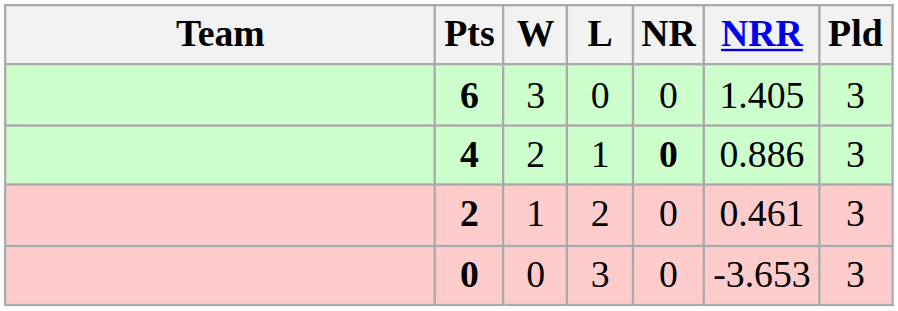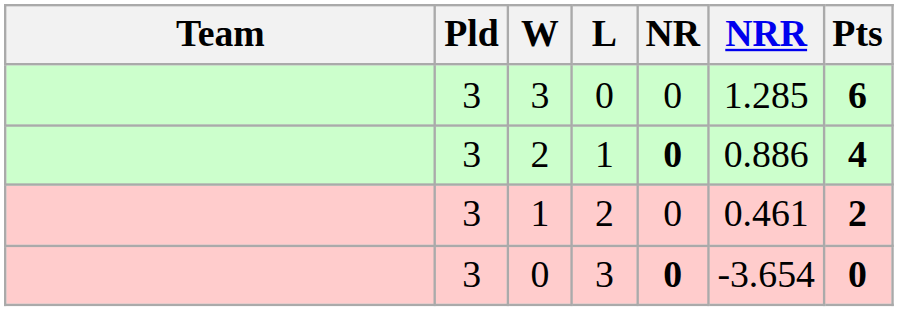 <table class="wikitable" style="text-align:center">
 <tr>
 <th width=175>Team</th>
-<th width=20 abbr="Points">Pts</th>
+<th width=20 abbr="Played">Pld</th>
 <th width=20 abbr="Won">W</th>
 <th width=20 abbr="Lost">L</th>
 <th width=20 abbr="No result">NR</th>
 <th width=20 abbr="Net run rate"><a href='#'>NRR</a></th>
-<th width=20 abbr="Played">Pld</th>
+<th width=20 abbr="Points">Pts</th>
 </tr>
 <tr bgcolor="#ccffcc">
 <td align="left"></td>
-<td><strong>6</strong></td>
+<td>3</td>
 <td>3</td>
 <td>0</td>
 <td>0</td>
-<td>1.405</td>
-<td>3</td>
+<td>1.285</td>
+<td><strong>6</strong></td>
 </tr>
 <tr bgcolor="#ccffcc">
 <td align="left"></td>
-<td><strong>4</strong></td>
+<td>3</td>
 <td>2</td>
 <td>1</td>
 <td><strong>0</strong></td>
 <td>0.886</td>
-<td>3</td>
+<td><strong>4</strong></td>
 </tr>
 <tr bgcolor="#ffcccc">
 <td align="left"></td>
-<td><strong>2</strong></td>
+<td>3</td>
 <td>1</td>
 <td>2</td>
 <td>0</td>
 <td>0.461</td>
-<td>3</td>
+<td><strong>2</strong></td>
 </tr>
 <tr bgcolor="#ffcccc">
 <td align="left"></td>
-<td><strong>0</strong></td>
+<td>3</td>
 <td>0</td>
 <td>3</td>
-<td>0</td>
-<td>-3.653</td>
-<td>3</td>
+<td><strong>0</strong></td>
+<td>-3.654</td>
+<td><strong>0</strong></td>
 </tr>
 </table>
